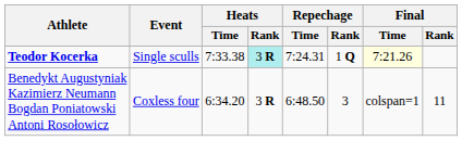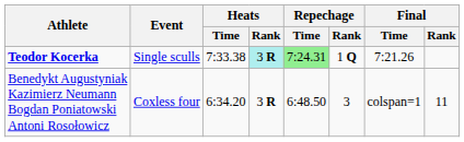 <table class="wikitable" style="font-size:90%">
 <tr>
 <th rowspan="2">Athlete</th>
 <th rowspan="2">Event</th>
 <th colspan="2">Heats</th>
 <th colspan="2">Repechage</th>
 <th colspan="2">Final</th>
 </tr>
 <tr style="font-size:95%">
 <th>Time</th>
 <th>Rank</th>
 <th>Time</th>
 <th>Rank</th>
 <th>Time</th>
 <th>Rank</th>
 </tr>
 <tr align=center>
 <td align=left><strong><a href='#'>Teodor Kocerka</a></strong></td>
 <td align=left><a href='#'>Single sculls</a></td>
 <td>7:33.38</td>
 <td style="background: paleturquoise;">3 <strong>R</strong></td>
-<td>7:24.31</td>
+<td style="background: lightgreen;">7:24.31</td>
 <td>1 <strong>Q</strong></td>
-<td style="background: lightyellow;">7:21.26</td>
+<td>7:21.26</td>
 <td></td>
 </tr>
 <tr align=center>
 <td align=left><a href='#'>Benedykt Augustyniak</a><br><a href='#'>Kazimierz Neumann</a><br><a href='#'>Bogdan Poniatowski</a><br><a href='#'>Antoni Rosołowicz</a></td>
 <td align=left><a href='#'>Coxless four</a></td>
 <td>6:34.20</td>
 <td>3 <strong>R</strong></td>
 <td>6:48.50</td>
 <td>3</td>
 <td>colspan=1 </td>
 <td>11</td>
 </tr>
 </table>
